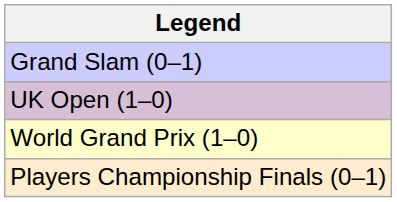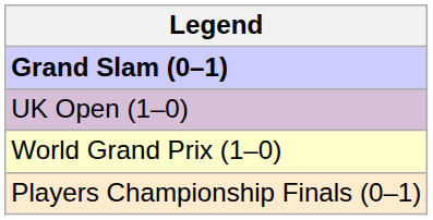 <table class="wikitable">
 <tr>
 <th>Legend</th>
 </tr>
 <tr style="background:#ccf;">
-<td>Grand Slam (0–1)</td>
+<td><strong>Grand Slam (0–1)</strong></td>
 </tr>
 <tr style="background:thistle">
 <td>UK Open (1–0)</td>
 </tr>
 <tr style="background:#ffc;">
 <td>World Grand Prix (1–0)</td>
 </tr>
 <tr style="background:#ffebcd;">
 <td>Players Championship Finals  (0–1)</td>
 </tr>
 </table>
